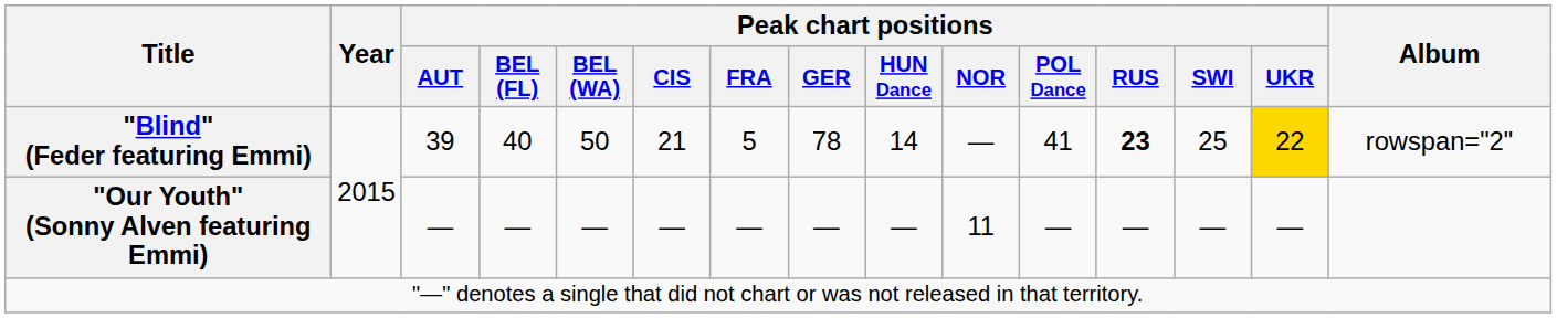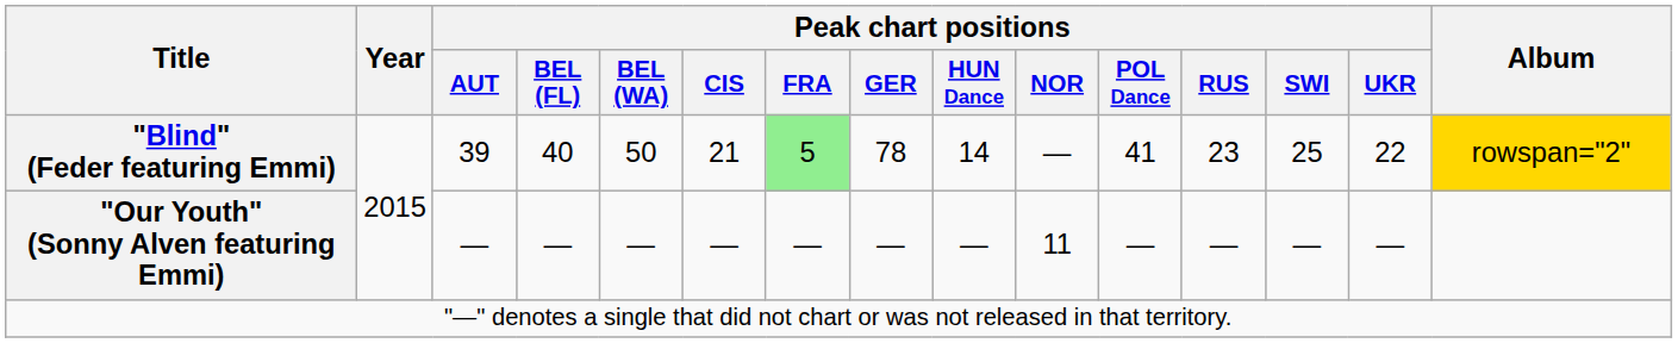 <table class="wikitable plainrowheaders" style="text-align:center;">
 <tr>
 <th scope="col" rowspan="2" style="width:12em;">Title</th>
 <th scope="col" rowspan="2" style="width:1em;">Year</th>
 <th scope="col" colspan="12">Peak chart positions</th>
 <th scope="col" rowspan="2" style="width:8em;">Album</th>
 </tr>
 <tr>
 <th scope="col" style="width:3em;font-size:85%;"><a href='#'>AUT</a><br></th>
 <th scope="col" style="width:3em;font-size:85%;"><a href='#'>BEL<br>(FL)</a><br></th>
 <th scope="col" style="width:3em;font-size:85%;"><a href='#'>BEL<br>(WA)</a><br></th>
 <th scope="col" style="width:3em;font-size:85%;"><a href='#'>CIS</a><br></th>
 <th scope="col" style="width:3em;font-size:85%;"><a href='#'>FRA</a><br></th>
 <th scope="col" style="width:3em;font-size:85%;"><a href='#'>GER</a><br></th>
 <th scope="col" style="width:3em;font-size:85%;"><a href='#'>HUN<br><small>Dance</small></a><br></th>
 <th scope="col" style="width:3em;font-size:85%;"><a href='#'>NOR</a><br></th>
 <th scope="col" style="width:3em;font-size:85%;"><a href='#'>POL<br><small>Dance</small></a><br></th>
 <th scope="col" style="width:3em;font-size:85%;"><a href='#'>RUS</a><br></th>
 <th scope="col" style="width:3em;font-size:85%;"><a href='#'>SWI</a><br></th>
 <th scope="col" style="width:3em;font-size:85%;"><a href='#'>UKR</a><br></th>
 </tr>
 <tr>
 <th scope="row">"<a href='#'>Blind</a>"<br><span>(Feder featuring Emmi)</span></th>
 <td rowspan="2">2015</td>
 <td>39</td>
 <td>40</td>
 <td>50</td>
 <td>21</td>
-<td>5</td>
+<td style="background: lightgreen;">5</td>
 <td>78</td>
 <td>14</td>
 <td>—</td>
 <td>41</td>
-<td><strong>23</strong></td>
+<td>23</td>
 <td>25</td>
-<td style="background: gold;">22</td>
-<td>rowspan="2" </td>
+<td>22</td>
+<td style="background: gold;">rowspan="2" </td>
 </tr>
 <tr>
 <th scope="row">"Our Youth"<br><span>(Sonny Alven featuring Emmi)</span></th>
 <td>—</td>
 <td>—</td>
 <td>—</td>
 <td>—</td>
 <td>—</td>
 <td>—</td>
 <td>—</td>
 <td>11</td>
 <td>—</td>
 <td>—</td>
 <td>—</td>
 <td>—</td>
 </tr>
 <tr>
 <td colspan="20" style="text-align:center; font-size:85%;">"—" denotes a single that did not chart or was not released in that territory.</td>
 </tr>
 </table>
